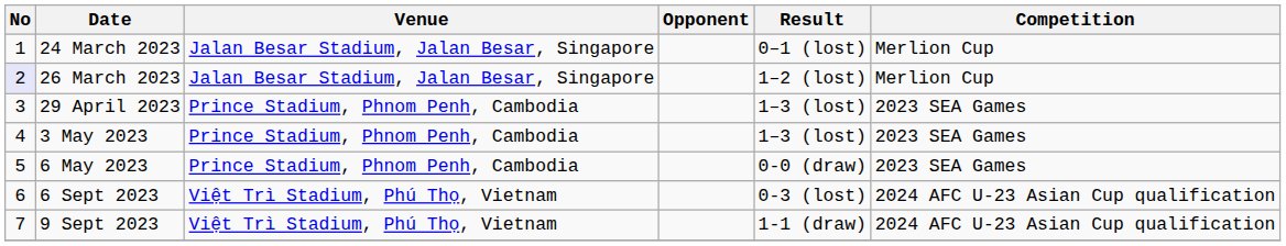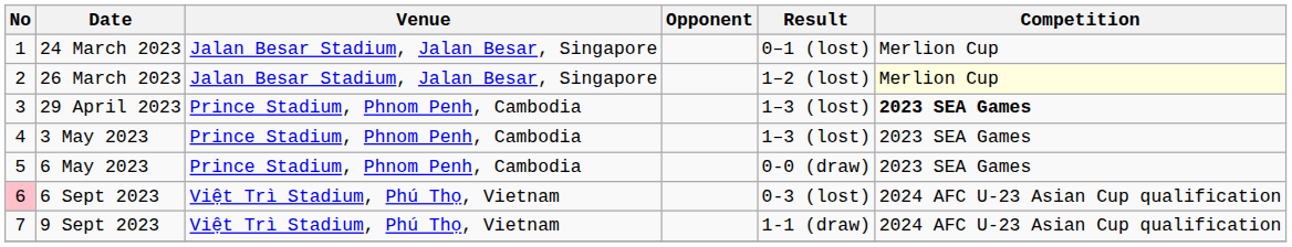 <table class="wikitable">
 <tr>
 <th>No</th>
 <th>Date</th>
 <th>Venue</th>
 <th>Opponent</th>
 <th>Result</th>
 <th>Competition</th>
 </tr>
 <tr>
 <td align=center>1</td>
 <td>24 March 2023</td>
 <td><a href='#'>Jalan Besar Stadium</a>, <a href='#'>Jalan Besar</a>, Singapore</td>
 <td></td>
 <td align=center>0–1 (lost)</td>
 <td>Merlion Cup</td>
 </tr>
 <tr>
-<td align=center style="background: lavender;">2</td>
+<td align=center>2</td>
 <td>26 March 2023</td>
 <td><a href='#'>Jalan Besar Stadium</a>, <a href='#'>Jalan Besar</a>, Singapore</td>
 <td></td>
 <td align=center>1–2 (lost)</td>
-<td>Merlion Cup</td>
+<td style="background: lightyellow;">Merlion Cup</td>
 </tr>
 <tr>
 <td align=center>3</td>
 <td>29 April 2023</td>
 <td><a href='#'>Prince Stadium</a>, <a href='#'>Phnom Penh</a>, Cambodia</td>
 <td></td>
 <td align=center>1–3 (lost)</td>
-<td>2023 SEA Games</td>
+<td><strong>2023 SEA Games</strong></td>
 </tr>
 <tr>
 <td align=center>4</td>
 <td>3 May 2023</td>
 <td><a href='#'>Prince Stadium</a>, <a href='#'>Phnom Penh</a>, Cambodia</td>
 <td></td>
 <td align=center>1–3 (lost)</td>
 <td>2023 SEA Games</td>
 </tr>
 <tr>
 <td align=center>5</td>
 <td>6 May 2023</td>
 <td><a href='#'>Prince Stadium</a>, <a href='#'>Phnom Penh</a>, Cambodia</td>
 <td></td>
 <td align=center>0-0 (draw)</td>
 <td>2023 SEA Games</td>
 </tr>
 <tr>
-<td align=center>6</td>
+<td align=center style="background: pink;">6</td>
 <td>6 Sept 2023</td>
 <td><a href='#'>Việt Trì Stadium</a>, <a href='#'>Phú Thọ</a>, Vietnam</td>
 <td></td>
 <td align=center>0-3 (lost)</td>
 <td>2024 AFC U-23 Asian Cup qualification</td>
 </tr>
 <tr>
 <td align=center>7</td>
 <td>9 Sept 2023</td>
 <td><a href='#'>Việt Trì Stadium</a>, <a href='#'>Phú Thọ</a>, Vietnam</td>
 <td></td>
 <td align=center>1-1 (draw)</td>
 <td>2024 AFC U-23 Asian Cup qualification</td>
 </tr>
 <tr>
 </tr>
 </table>
